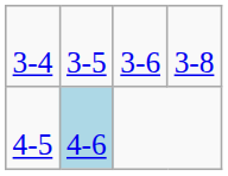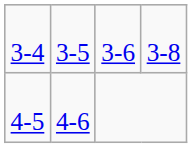 <table class=wikitable>
 <tr align=center>
 <td><br><a href='#'>3-4</a></td>
 <td><br><a href='#'>3-5</a></td>
 <td><br><a href='#'>3-6</a></td>
 <td><br><a href='#'>3-8</a></td>
 </tr>
 <tr align=center>
 <td><br><a href='#'>4-5</a></td>
-<td style="background: lightblue;"><br><a href='#'>4-6</a></td>
+<td><br><a href='#'>4-6</a></td>
 </tr>
 </table>
